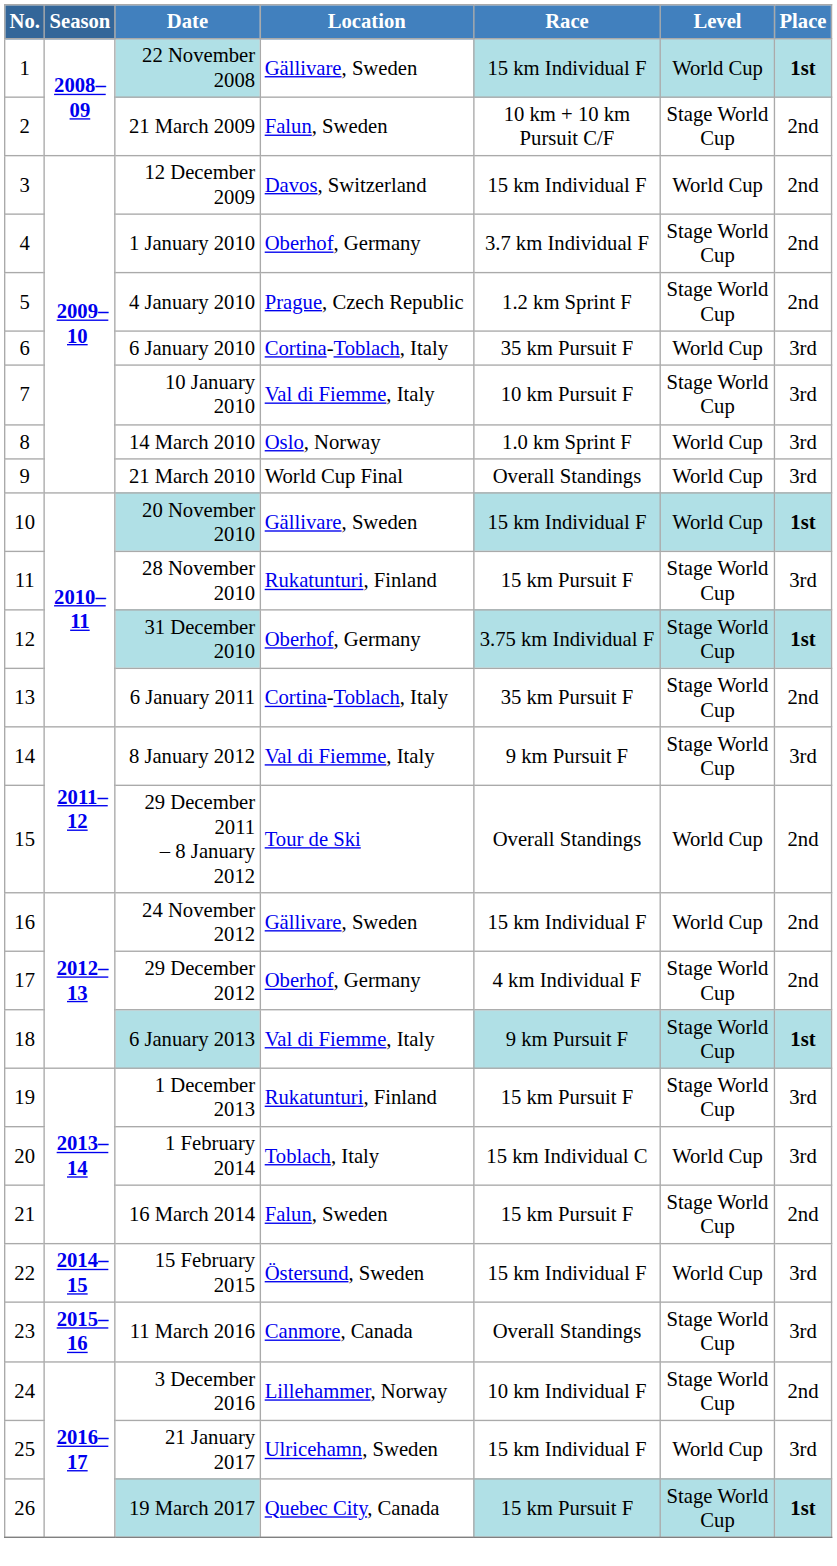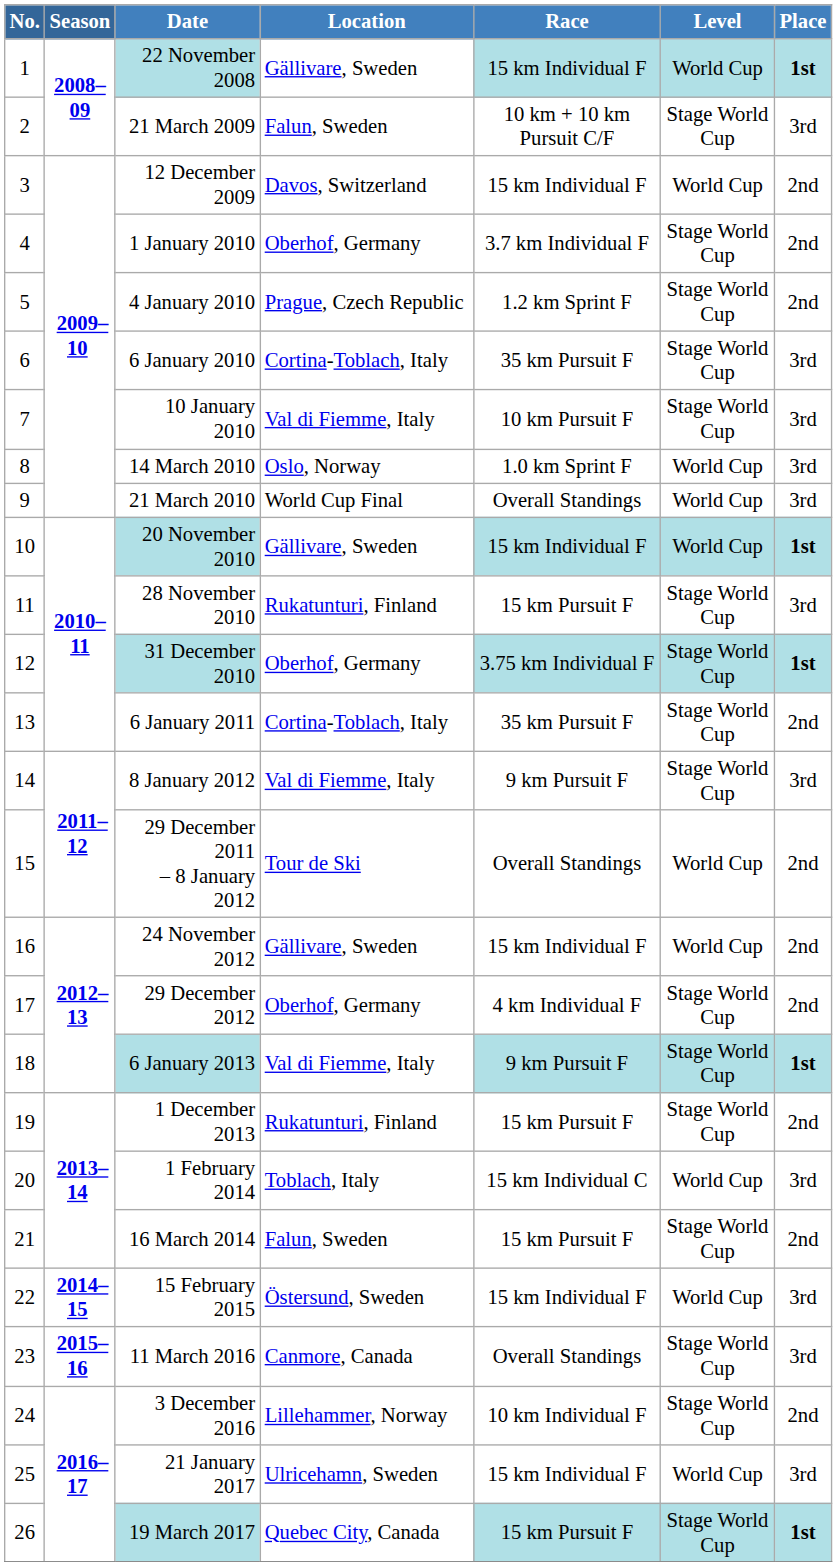 <table class="wikitable sortable" style="font-size:95%; text-align:center; border:grey solid 1px; border-collapse:collapse; background:#ffffff;">
 <tr style="background:#efefef;">
 <th style="background-color:#369; color:white;">No.</th>
 <th style="background-color:#369; color:white;">Season</th>
 <th style="background-color:#4180be; color:white; width:120px;">Date</th>
 <th style="background-color:#4180be; color:white; width:190px;">Location</th>
 <th style="background-color:#4180be; color:white; width:170px;">Race</th>
 <th style="background-color:#4180be; color:white; width:100px;">Level</th>
 <th style="background-color:#4180be; color:white;">Place</th>
 </tr>
 <tr>
 <td align=center>1</td>
 <td rowspan=2 align=center><strong><a href='#'>2008–09</a></strong></td>
 <td bgcolor="#BOEOE6" align=right>22 November 2008</td>
 <td align=left> <a href='#'>Gällivare</a>, Sweden</td>
 <td bgcolor="#BOEOE6">15 km Individual F</td>
 <td bgcolor="#BOEOE6">World Cup</td>
 <td bgcolor="#BOEOE6"><strong>1st</strong></td>
 </tr>
 <tr>
 <td align=center>2</td>
 <td align=right>21 March 2009</td>
 <td align=left> <a href='#'>Falun</a>, Sweden</td>
 <td>10 km + 10 km Pursuit C/F</td>
 <td>Stage World Cup</td>
-<td>2nd</td>
+<td>3rd</td>
 </tr>
 <tr>
 <td align=center>3</td>
 <td rowspan=7 align=center><strong> <a href='#'>2009–10</a> </strong></td>
 <td align=right>12 December 2009</td>
 <td align=left> <a href='#'>Davos</a>, Switzerland</td>
 <td>15 km Individual F</td>
 <td>World Cup</td>
 <td>2nd</td>
 </tr>
 <tr>
 <td align=center>4</td>
 <td align=right>1 January 2010</td>
 <td align=left> <a href='#'>Oberhof</a>, Germany</td>
 <td>3.7 km Individual F</td>
 <td>Stage World Cup</td>
 <td>2nd</td>
 </tr>
 <tr>
 <td align=center>5</td>
 <td align=right>4 January 2010</td>
 <td align=left> <a href='#'>Prague</a>, Czech Republic</td>
 <td>1.2 km Sprint F</td>
 <td>Stage World Cup</td>
 <td>2nd</td>
 </tr>
 <tr>
 <td align=center>6</td>
 <td align=right>6 January 2010</td>
 <td align=left> <a href='#'>Cortina</a>-<a href='#'>Toblach</a>, Italy</td>
 <td>35 km Pursuit F</td>
-<td>World Cup</td>
+<td>Stage World Cup</td>
 <td>3rd</td>
 </tr>
 <tr>
 <td align=center>7</td>
 <td align=right>10 January 2010</td>
 <td align=left> <a href='#'>Val di Fiemme</a>, Italy</td>
 <td>10 km Pursuit F</td>
 <td>Stage World Cup</td>
 <td>3rd</td>
 </tr>
 <tr>
 <td align=center>8</td>
 <td align=right>14 March 2010</td>
 <td align=left> <a href='#'>Oslo</a>, Norway</td>
 <td>1.0 km Sprint F</td>
 <td>World Cup</td>
 <td>3rd</td>
 </tr>
 <tr>
 <td align=center>9</td>
 <td align=right>21 March 2010</td>
 <td align=left> World Cup Final</td>
 <td>Overall Standings</td>
 <td>World Cup</td>
 <td>3rd</td>
 </tr>
 <tr>
 <td align=center>10</td>
 <td rowspan=4 align=center><strong><a href='#'>2010–11</a></strong></td>
 <td bgcolor="#BOEOE6" align=right>20 November 2010</td>
 <td align=left> <a href='#'>Gällivare</a>, Sweden</td>
 <td bgcolor="#BOEOE6">15 km Individual F</td>
 <td bgcolor="#BOEOE6">World Cup</td>
 <td bgcolor="#BOEOE6"><strong>1st</strong></td>
 </tr>
 <tr>
 <td align=center>11</td>
 <td align=right>28 November 2010</td>
 <td align=left> <a href='#'>Rukatunturi</a>, Finland</td>
 <td>15 km Pursuit F</td>
 <td>Stage World Cup</td>
 <td>3rd</td>
 </tr>
 <tr>
 <td align=center>12</td>
 <td bgcolor="#BOEOE6" align=right>31 December 2010</td>
 <td align=left> <a href='#'>Oberhof</a>, Germany</td>
 <td bgcolor="#BOEOE6" align=center>3.75 km Individual F</td>
 <td bgcolor="#BOEOE6">Stage World Cup</td>
 <td bgcolor="#BOEOE6"><strong>1st</strong></td>
 </tr>
 <tr>
 <td align=center>13</td>
 <td align=right>6 January 2011</td>
 <td align=left> <a href='#'>Cortina</a>-<a href='#'>Toblach</a>, Italy</td>
 <td>35 km Pursuit F</td>
 <td>Stage World Cup</td>
 <td>2nd</td>
 </tr>
 <tr>
 <td align=center>14</td>
 <td rowspan=2 align=center><strong> <a href='#'>2011–12</a> </strong></td>
 <td align=right>8 January 2012</td>
 <td align=left> <a href='#'>Val di Fiemme</a>, Italy</td>
 <td>9 km Pursuit F</td>
 <td>Stage World Cup</td>
 <td>3rd</td>
 </tr>
 <tr>
 <td align=center>15</td>
 <td align=right>29 December 2011<br> – 8 January 2012</td>
 <td align=left> <a href='#'>Tour de Ski</a></td>
 <td>Overall Standings</td>
 <td>World Cup</td>
 <td>2nd</td>
 </tr>
 <tr>
 <td align=center>16</td>
 <td rowspan=3 align=center><strong> <a href='#'>2012–13</a> </strong></td>
 <td align=right>24 November 2012</td>
 <td align=left> <a href='#'>Gällivare</a>, Sweden</td>
 <td>15 km Individual F</td>
 <td>World Cup</td>
 <td>2nd</td>
 </tr>
 <tr>
 <td align=center>17</td>
 <td align=right>29 December 2012</td>
 <td align=left> <a href='#'>Oberhof</a>, Germany</td>
 <td>4 km Individual F</td>
 <td>Stage World Cup</td>
 <td>2nd</td>
 </tr>
 <tr>
 <td align=center>18</td>
 <td bgcolor="#BOEOE6" align=right>6 January 2013</td>
 <td align=left> <a href='#'>Val di Fiemme</a>, Italy</td>
 <td bgcolor="#BOEOE6" align=center>9 km Pursuit F</td>
 <td bgcolor="#BOEOE6">Stage World Cup</td>
 <td bgcolor="#BOEOE6"><strong>1st</strong></td>
 </tr>
 <tr>
 <td align=center>19</td>
 <td rowspan=3 align=center><strong> <a href='#'>2013–14</a> </strong></td>
 <td align=right>1 December 2013</td>
 <td align=left> <a href='#'>Rukatunturi</a>, Finland</td>
 <td>15 km Pursuit F</td>
 <td>Stage World Cup</td>
-<td>3rd</td>
+<td>2nd</td>
 </tr>
 <tr>
 <td align=center>20</td>
 <td align=right>1 February 2014</td>
 <td align=left> <a href='#'>Toblach</a>, Italy</td>
 <td>15 km Individual C</td>
 <td>World Cup</td>
 <td>3rd</td>
 </tr>
 <tr>
 <td align=center>21</td>
 <td align=right>16 March 2014</td>
 <td align=left> <a href='#'>Falun</a>, Sweden</td>
 <td>15 km Pursuit F</td>
 <td>Stage World Cup</td>
 <td>2nd</td>
 </tr>
 <tr>
 <td align=center>22</td>
 <td rowspan=1 align=center><strong> <a href='#'>2014–15</a> </strong></td>
 <td align=right>15 February 2015</td>
 <td align=left> <a href='#'>Östersund</a>, Sweden</td>
 <td>15 km Individual F</td>
 <td>World Cup</td>
 <td>3rd</td>
 </tr>
 <tr>
 <td align=center>23</td>
 <td rowspan=1 align=center><strong> <a href='#'>2015–16</a> </strong></td>
 <td align=right>11 March 2016</td>
 <td align=left> <a href='#'>Canmore</a>, Canada</td>
 <td>Overall Standings</td>
 <td>Stage World Cup</td>
 <td>3rd</td>
 </tr>
 <tr>
 <td align=center>24</td>
 <td rowspan=3 align=center><strong> <a href='#'>2016–17</a> </strong></td>
 <td align=right>3 December 2016</td>
 <td align=left> <a href='#'>Lillehammer</a>, Norway</td>
 <td>10 km Individual F</td>
 <td>Stage World Cup</td>
 <td>2nd</td>
 </tr>
 <tr>
 <td align=center>25</td>
 <td align=right>21 January 2017</td>
 <td align=left> <a href='#'>Ulricehamn</a>, Sweden</td>
 <td>15 km Individual F</td>
 <td>World Cup</td>
 <td>3rd</td>
 </tr>
 <tr>
 <td align=center>26</td>
 <td bgcolor="#BOEOE6" align=right>19 March 2017</td>
 <td align=left> <a href='#'>Quebec City</a>, Canada</td>
 <td bgcolor="#BOEOE6" align=center>15 km Pursuit F</td>
 <td bgcolor="#BOEOE6">Stage World Cup</td>
 <td bgcolor="#BOEOE6"><strong>1st</strong></td>
 </tr>
 <tr>
 </tr>
 </table>
